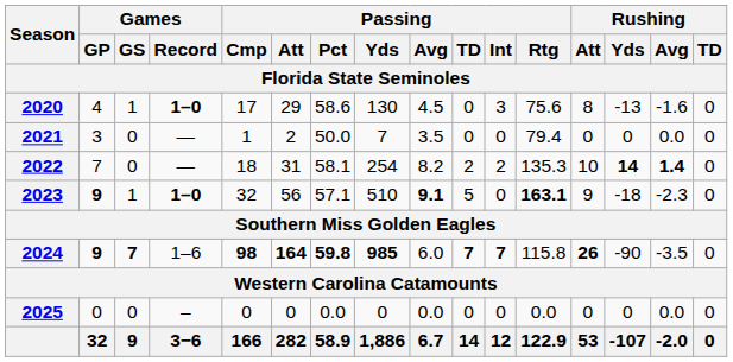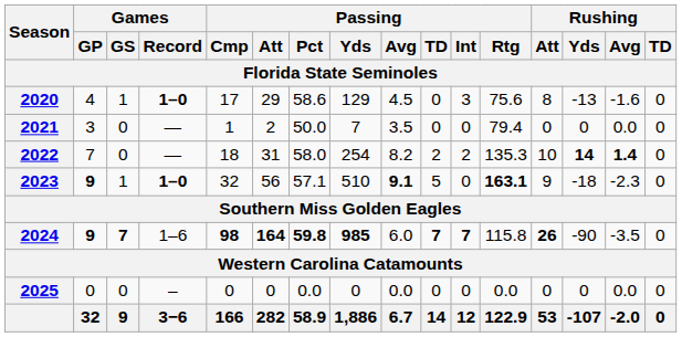 <table class="wikitable" style="text-align:center;">
 <tr>
 <th rowspan="2">Season</th>
 <th colspan="3">Games</th>
 <th colspan="8">Passing</th>
 <th colspan="5">Rushing</th>
 </tr>
 <tr>
 <th>GP</th>
 <th>GS</th>
 <th>Record</th>
 <th>Cmp</th>
 <th>Att</th>
 <th>Pct</th>
 <th>Yds</th>
 <th>Avg</th>
 <th>TD</th>
 <th>Int</th>
 <th>Rtg</th>
 <th>Att</th>
 <th>Yds</th>
 <th>Avg</th>
 <th>TD</th>
 </tr>
 <tr>
 <th colspan="16">Florida State Seminoles</th>
 </tr>
 <tr>
 <th><a href='#'>2020</a></th>
 <td>4</td>
 <td>1</td>
 <td><strong>1–0</strong></td>
 <td>17</td>
 <td>29</td>
 <td>58.6</td>
-<td>130</td>
+<td>129</td>
 <td>4.5</td>
 <td>0</td>
 <td>3</td>
 <td>75.6</td>
 <td>8</td>
 <td>-13</td>
 <td>-1.6</td>
 <td>0</td>
 </tr>
 <tr>
 <th><a href='#'>2021</a></th>
 <td>3</td>
 <td>0</td>
 <td>—</td>
 <td>1</td>
 <td>2</td>
 <td>50.0</td>
 <td>7</td>
 <td>3.5</td>
 <td>0</td>
 <td>0</td>
 <td>79.4</td>
 <td>0</td>
 <td>0</td>
 <td>0.0</td>
 <td>0</td>
 </tr>
 <tr>
 <th><a href='#'>2022</a></th>
 <td>7</td>
 <td>0</td>
 <td>—</td>
 <td>18</td>
 <td>31</td>
-<td>58.1</td>
+<td>58.0</td>
 <td>254</td>
 <td>8.2</td>
 <td>2</td>
 <td>2</td>
 <td>135.3</td>
 <td>10</td>
 <td><strong>14</strong></td>
 <td><strong>1.4</strong></td>
 <td>0</td>
 </tr>
 <tr>
 <th><a href='#'>2023</a></th>
 <td><strong>9</strong></td>
 <td>1</td>
 <td><strong>1–0</strong></td>
 <td>32</td>
 <td>56</td>
 <td>57.1</td>
 <td>510</td>
 <td><strong>9.1</strong></td>
 <td>5</td>
 <td>0</td>
 <td><strong>163.1</strong></td>
 <td>9</td>
 <td>-18</td>
 <td>-2.3</td>
 <td>0</td>
 </tr>
 <tr>
 <th colspan="16">Southern Miss Golden Eagles</th>
 </tr>
 <tr>
 <th><a href='#'>2024</a></th>
 <td><strong>9</strong></td>
 <td><strong>7</strong></td>
 <td>1–6</td>
 <td><strong>98</strong></td>
 <td><strong>164</strong></td>
 <td><strong>59.8</strong></td>
 <td><strong>985</strong></td>
 <td>6.0</td>
 <td><strong>7</strong></td>
 <td><strong>7</strong></td>
 <td>115.8</td>
 <td><strong>26</strong></td>
 <td>-90</td>
 <td>-3.5</td>
 <td>0</td>
 </tr>
 <tr>
 <th colspan="16">Western Carolina Catamounts</th>
 </tr>
 <tr>
 <th><a href='#'>2025</a></th>
 <td>0</td>
 <td>0</td>
 <td>–</td>
 <td>0</td>
 <td>0</td>
 <td>0.0</td>
 <td>0</td>
 <td>0.0</td>
 <td>0</td>
 <td>0</td>
 <td>0.0</td>
 <td>0</td>
 <td>0</td>
 <td>0.0</td>
 <td>0</td>
 </tr>
 <tr>
 <th></th>
 <th>32</th>
 <th>9</th>
 <th>3−6</th>
 <th>166</th>
 <th>282</th>
 <th>58.9</th>
 <th>1,886</th>
 <th>6.7</th>
 <th>14</th>
 <th>12</th>
 <th>122.9</th>
 <th>53</th>
 <th>-107</th>
 <th>-2.0</th>
 <th>0</th>
 </tr>
 </table>
